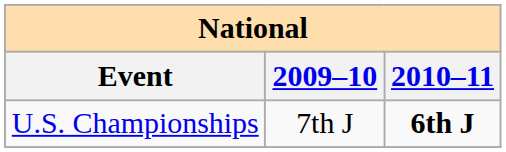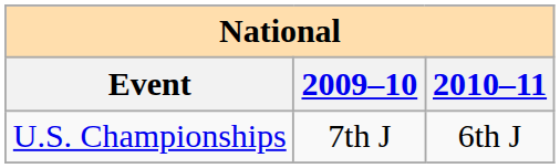 <table class="wikitable" style="text-align:center">
 <tr>
 <th colspan="3" style="background-color: #ffdead; " align="center">National</th>
 </tr>
 <tr>
 <th>Event</th>
 <th><a href='#'>2009–10</a></th>
 <th><a href='#'>2010–11</a></th>
 </tr>
 <tr>
 <td align=left><a href='#'>U.S. Championships</a></td>
 <td>7th J</td>
-<td><strong>6th J</strong></td>
+<td>6th J</td>
 </tr>
 </table>
